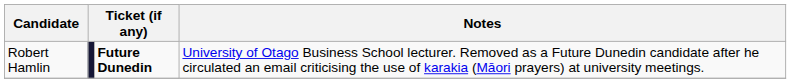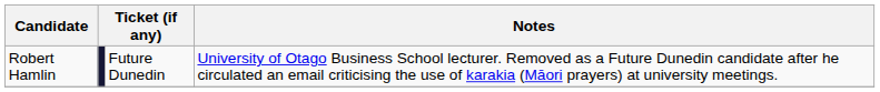 <table class="wikitable" style="font-size: 95%">
 <tr>
 <th>Candidate</th>
 <th colspan="2">Ticket (if any)</th>
 <th>Notes</th>
 </tr>
 <tr>
 <td>Robert Hamlin</td>
 <td style="background-color:#161736ff"></td>
-<td><strong>Future Dunedin</strong></td>
+<td>Future Dunedin</td>
 <td><a href='#'>University of Otago</a> Business School lecturer. Removed as a Future Dunedin candidate after he circulated an email criticising the use of <a href='#'>karakia</a> (<a href='#'>Māori</a> prayers) at university meetings.</td>
 </tr>
 <tr>
 </tr>
 </table>
